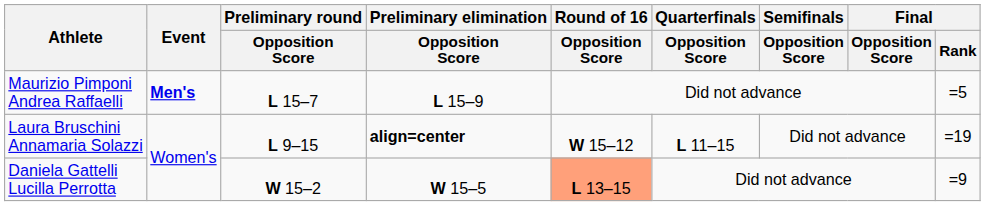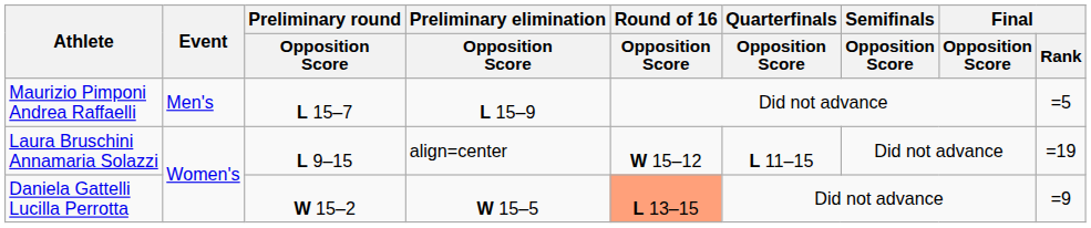 <table class=wikitable style="font-size:90%">
 <tr>
 <th rowspan="2">Athlete</th>
 <th rowspan="2">Event</th>
 <th>Preliminary round</th>
 <th>Preliminary elimination</th>
 <th>Round of 16</th>
 <th>Quarterfinals</th>
 <th>Semifinals</th>
 <th colspan=2>Final</th>
 </tr>
 <tr style="font-size:95%">
 <th>Opposition<br>Score</th>
 <th>Opposition<br>Score</th>
 <th>Opposition<br>Score</th>
 <th>Opposition<br>Score</th>
 <th>Opposition<br>Score</th>
 <th>Opposition<br>Score</th>
 <th>Rank</th>
 </tr>
 <tr>
 <td align=left><a href='#'>Maurizio Pimponi</a><br><a href='#'>Andrea Raffaelli</a></td>
-<td align=left><strong><a href='#'>Men's</a></strong></td>
+<td align=left><a href='#'>Men's</a></td>
 <td align=center><br><strong>L</strong> 15–7</td>
 <td align=center><br><strong>L</strong> 15–9</td>
 <td align=center colspan=4>Did not advance</td>
 <td align=center>=5</td>
 </tr>
 <tr>
 <td align=left><a href='#'>Laura Bruschini</a><br> <a href='#'>Annamaria Solazzi</a></td>
 <td align=left rowspan=2><a href='#'>Women's</a></td>
 <td align=center><br><strong>L</strong> 9–15</td>
-<td><strong>align=center </strong></td>
+<td>align=center </td>
 <td align=center><br><strong>W</strong> 15–12</td>
 <td align=center><br><strong>L</strong> 11–15</td>
 <td align=center colspan=2>Did not advance</td>
 <td align=center>=19</td>
 </tr>
 <tr>
 <td align=left><a href='#'>Daniela Gattelli</a><br> <a href='#'>Lucilla Perrotta</a></td>
 <td align=center><br><strong>W</strong> 15–2</td>
 <td align=center><br><strong>W</strong> 15–5</td>
 <td align=center style="background: lightsalmon;"><br><strong>L</strong> 13–15</td>
 <td align=center colspan=3>Did not advance</td>
 <td align=center>=9</td>
 </tr>
 </table>
